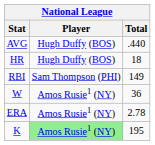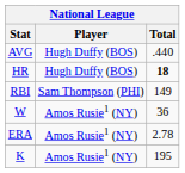 <table class="wikitable" style="text-align:center;">
 <tr>
 <th colspan="3"><a href='#'>National League</a></th>
 </tr>
 <tr>
 <th>Stat</th>
 <th>Player</th>
 <th>Total</th>
 </tr>
 <tr>
 <td><a href='#'>AVG</a></td>
 <td><a href='#'>Hugh Duffy</a> (<a href='#'>BOS</a>)</td>
 <td>.440</td>
 </tr>
 <tr>
 <td><a href='#'>HR</a></td>
 <td><a href='#'>Hugh Duffy</a> (<a href='#'>BOS</a>)</td>
-<td>18</td>
+<td><strong>18</strong></td>
 </tr>
 <tr>
 <td><a href='#'>RBI</a></td>
 <td><a href='#'>Sam Thompson</a> (<a href='#'>PHI</a>)</td>
 <td>149</td>
 </tr>
 <tr>
 <td><a href='#'>W</a></td>
 <td><a href='#'>Amos Rusie</a><sup>1</sup> (<a href='#'>NY</a>)</td>
 <td>36</td>
 </tr>
 <tr>
 <td><a href='#'>ERA</a></td>
 <td><a href='#'>Amos Rusie</a><sup>1</sup> (<a href='#'>NY</a>)</td>
 <td>2.78</td>
 </tr>
 <tr>
 <td><a href='#'>K</a></td>
-<td style="background: lightgreen;"><a href='#'>Amos Rusie</a><sup>1</sup> (<a href='#'>NY</a>)</td>
+<td><a href='#'>Amos Rusie</a><sup>1</sup> (<a href='#'>NY</a>)</td>
 <td>195</td>
 </tr>
 </table>
